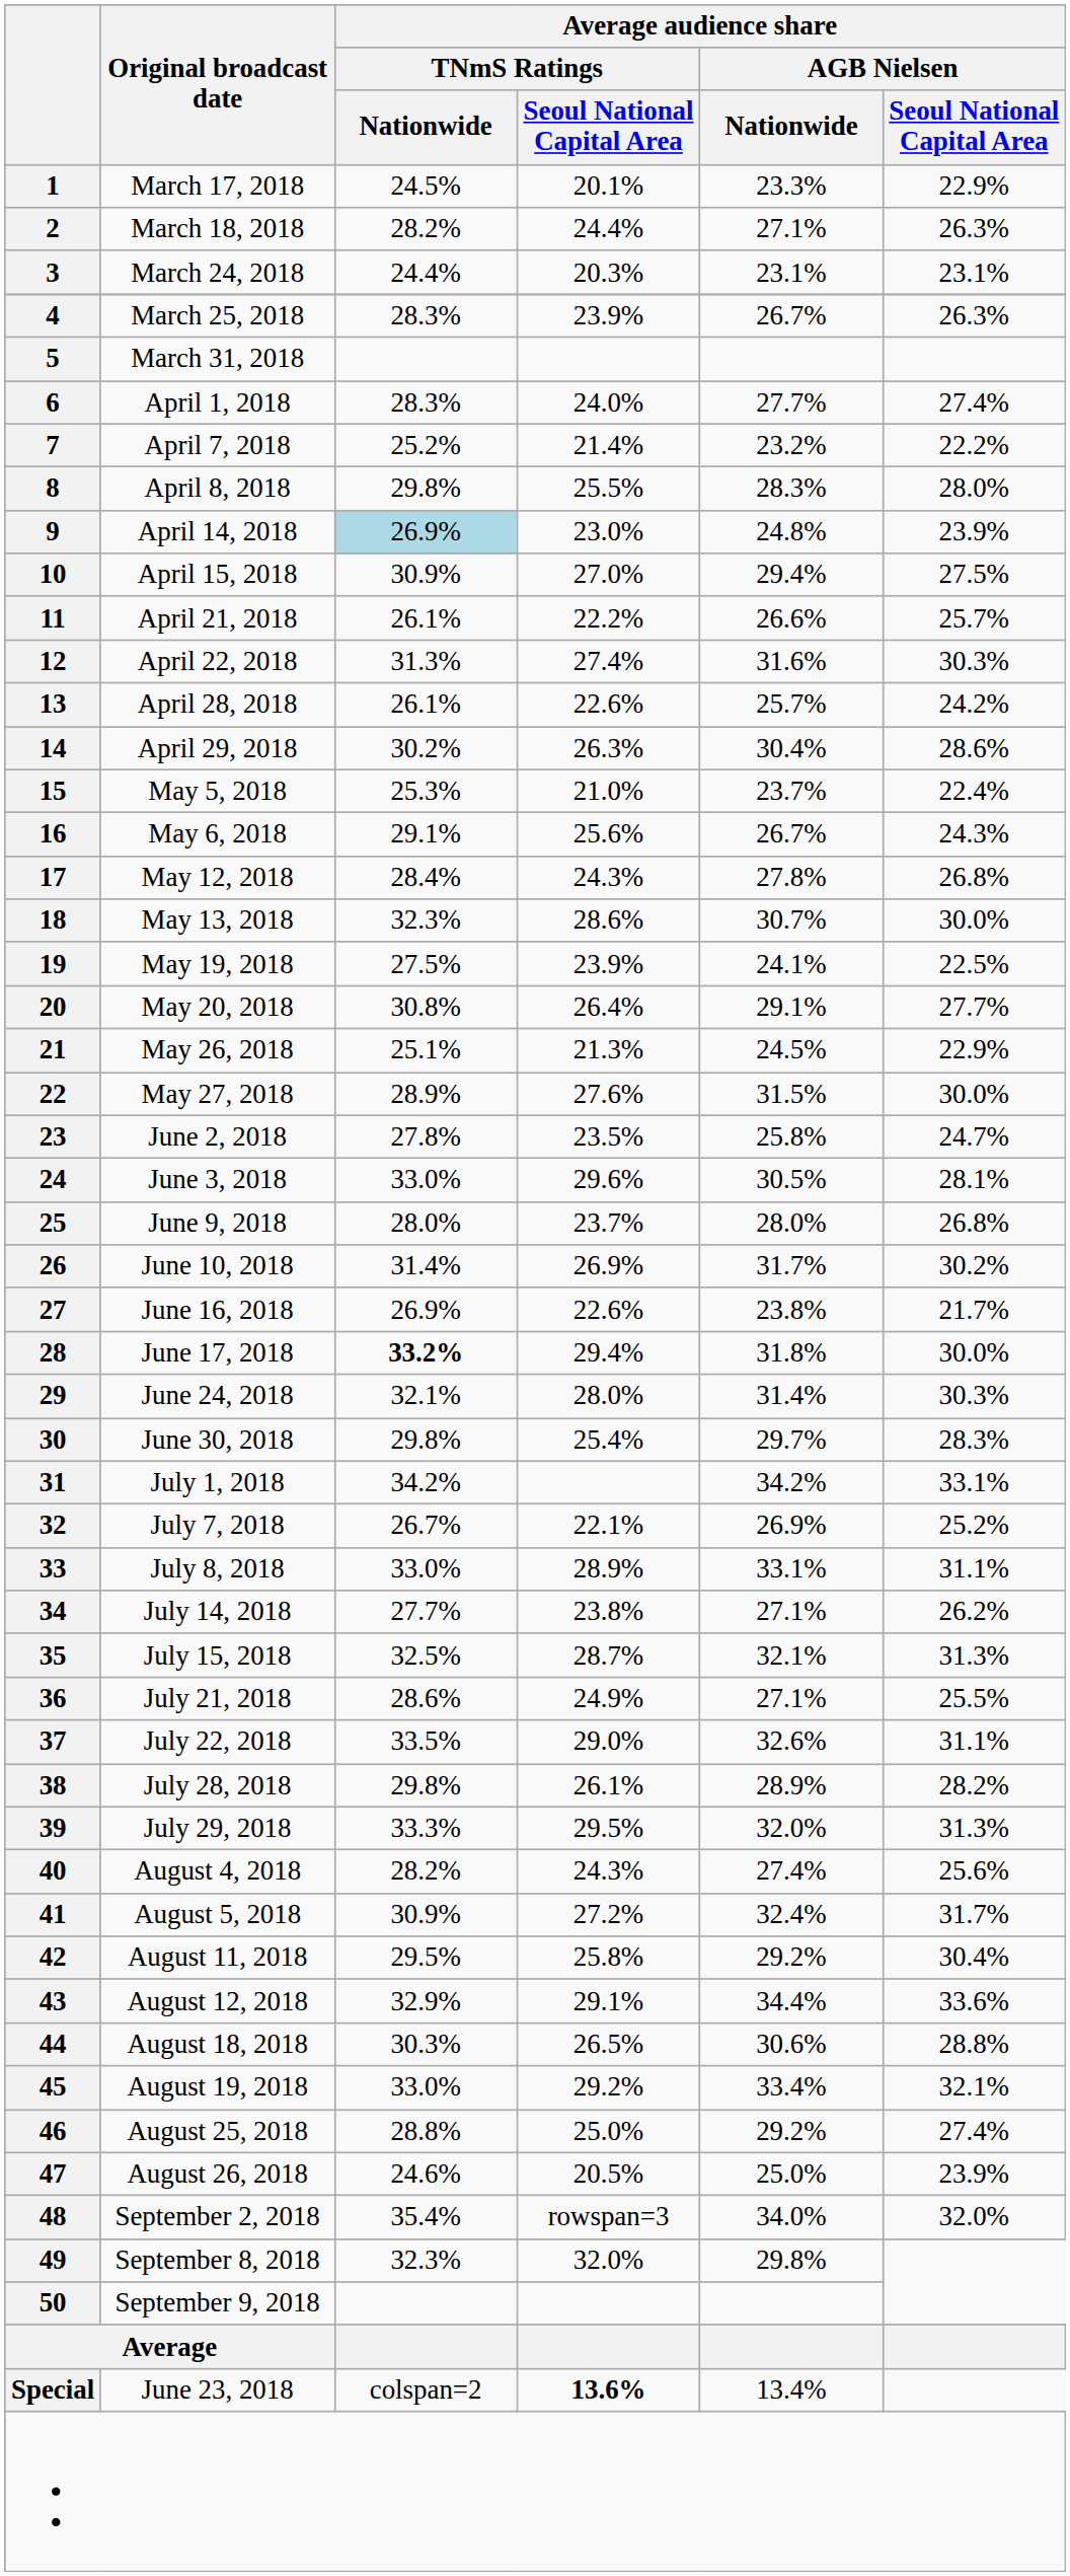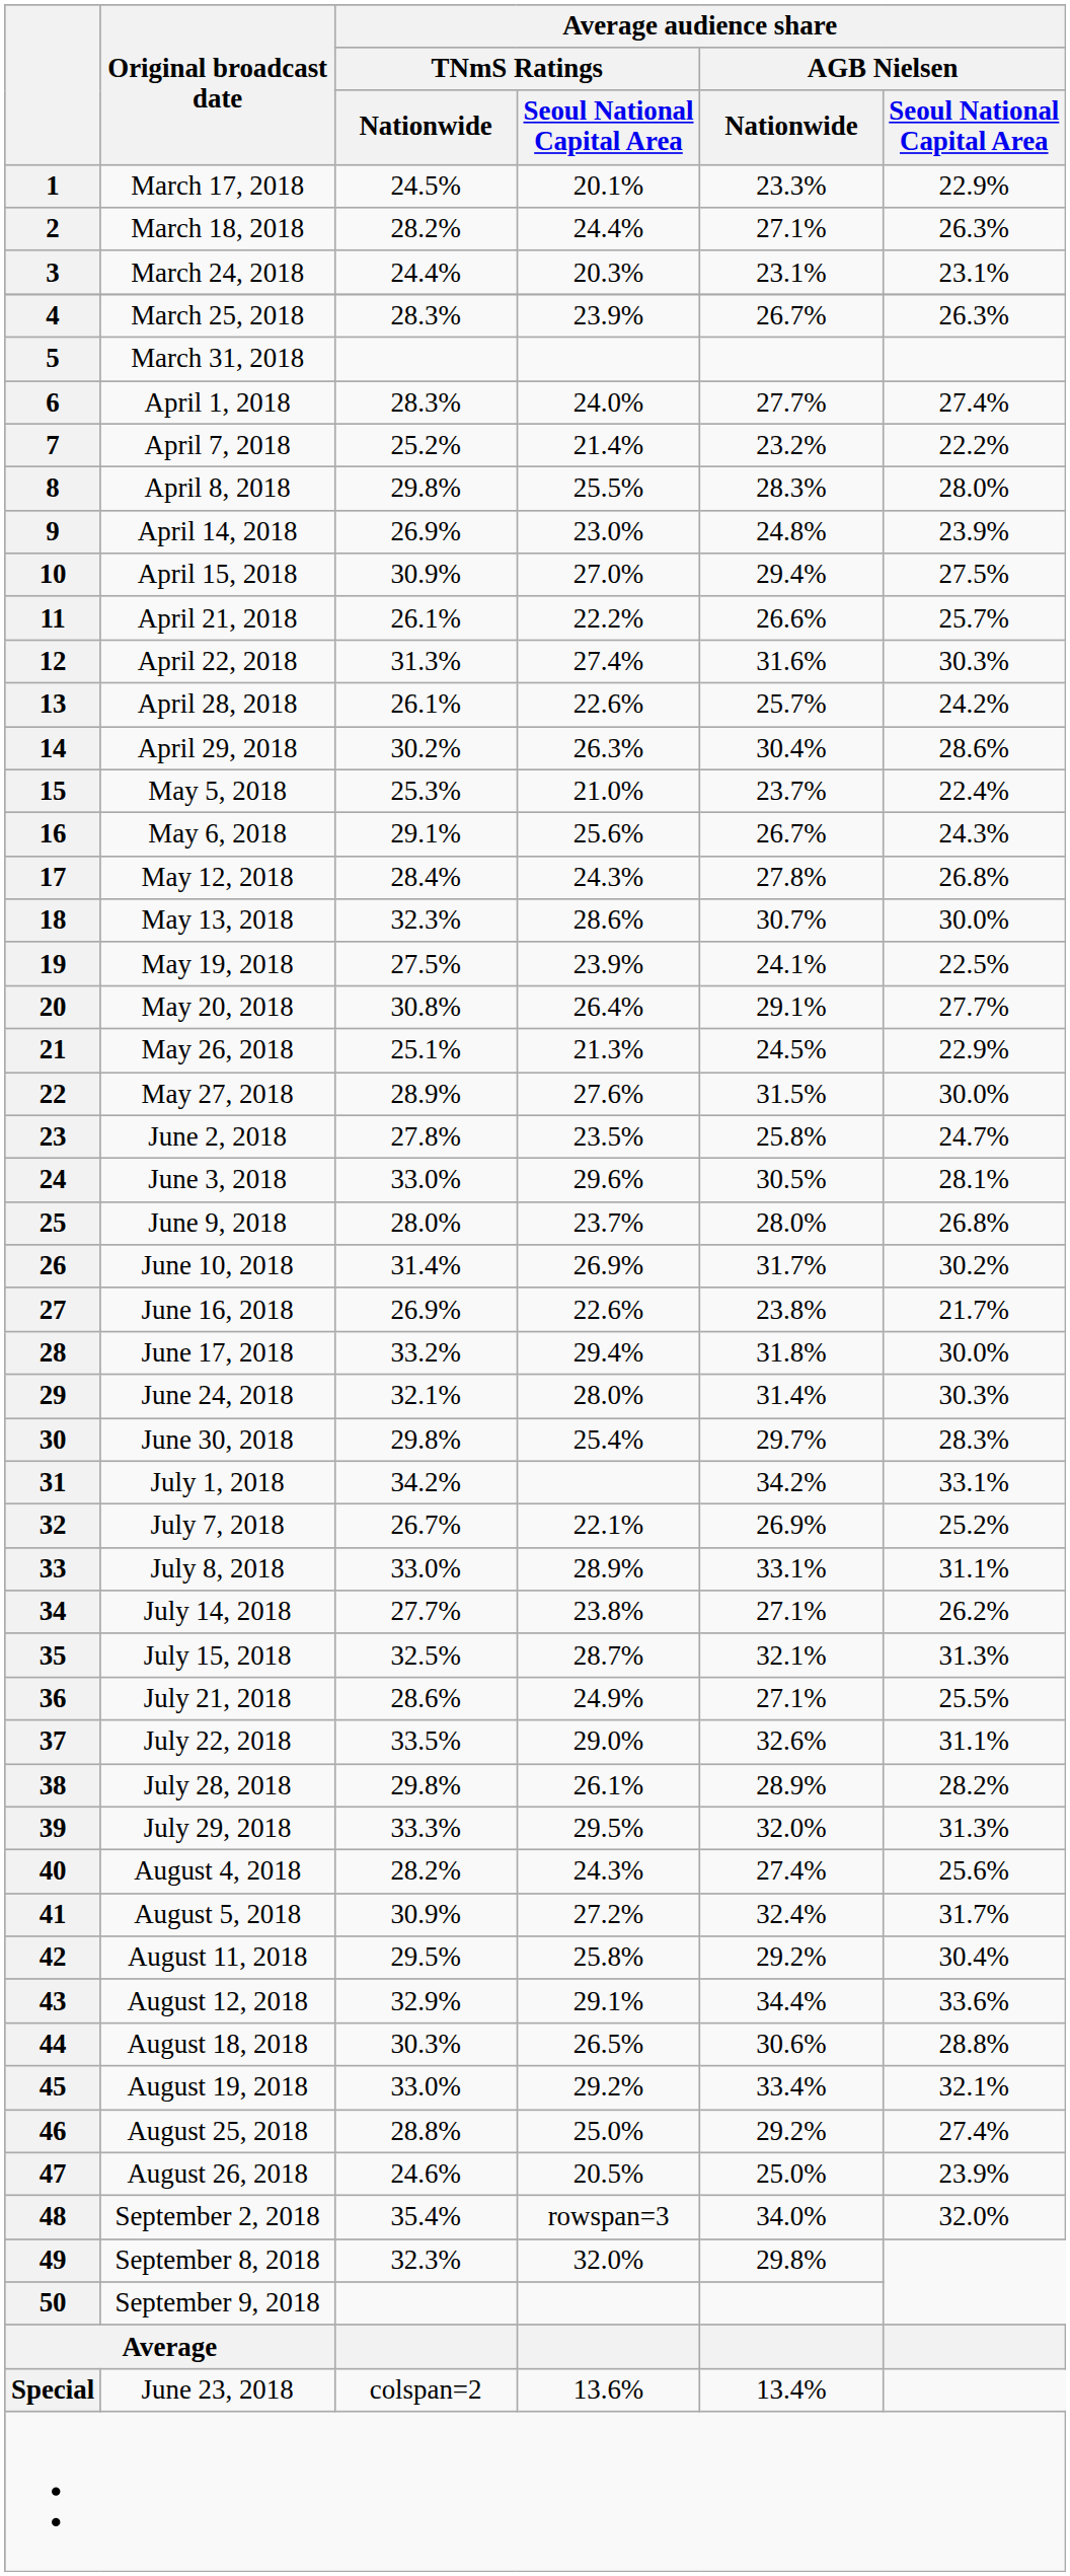 <table class="wikitable" style="text-align:center; margin-left: auto; margin-right: auto; border: none;">
 <tr>
 </tr>
 <tr>
 <th rowspan="3"></th>
 <th rowspan="3">Original broadcast date</th>
 <th colspan="4">Average audience share</th>
 </tr>
 <tr>
 <th colspan="2">TNmS Ratings</th>
 <th colspan="5">AGB Nielsen</th>
 </tr>
 <tr>
 <th width=100>Nationwide</th>
 <th width=100><a href='#'>Seoul National Capital Area</a></th>
 <th width=100>Nationwide</th>
 <th width=100><a href='#'>Seoul National Capital Area</a></th>
 </tr>
 <tr>
 <th>1</th>
 <td>March 17, 2018</td>
 <td>24.5% </td>
 <td>20.1%</td>
 <td>23.3% </td>
 <td>22.9% </td>
 </tr>
 <tr>
 <th>2</th>
 <td>March 18, 2018</td>
 <td>28.2% </td>
 <td>24.4%</td>
 <td>27.1% </td>
 <td>26.3% </td>
 </tr>
 <tr>
 <th>3</th>
 <td>March 24, 2018</td>
 <td>24.4% </td>
 <td>20.3%</td>
 <td>23.1% </td>
 <td>23.1% </td>
 </tr>
 <tr>
 </tr>
 <tr>
 <th>4</th>
 <td>March 25, 2018</td>
 <td>28.3% </td>
 <td>23.9%</td>
 <td>26.7% </td>
 <td>26.3% </td>
 </tr>
 <tr>
 <th>5</th>
 <td>March 31, 2018</td>
 <td> </td>
 <td></td>
 <td> </td>
 <td> </td>
 </tr>
 <tr>
 <th>6</th>
 <td>April 1, 2018</td>
 <td>28.3% </td>
 <td>24.0%</td>
 <td>27.7% </td>
 <td>27.4% </td>
 </tr>
 <tr>
 <th>7</th>
 <td>April 7, 2018</td>
 <td>25.2% </td>
 <td>21.4%</td>
 <td>23.2% </td>
 <td>22.2% </td>
 </tr>
 <tr>
 <th>8</th>
 <td>April 8, 2018</td>
 <td>29.8% </td>
 <td>25.5%</td>
 <td>28.3% </td>
 <td>28.0% </td>
 </tr>
 <tr>
 <th>9</th>
 <td>April 14, 2018</td>
-<td style="background: lightblue;">26.9% </td>
+<td>26.9% </td>
 <td>23.0%</td>
 <td>24.8% </td>
 <td>23.9% </td>
 </tr>
 <tr>
 <th>10</th>
 <td>April 15, 2018</td>
 <td>30.9% </td>
 <td>27.0%</td>
 <td>29.4% </td>
 <td>27.5% </td>
 </tr>
 <tr>
 <th>11</th>
 <td>April 21, 2018</td>
 <td>26.1% </td>
 <td>22.2%</td>
 <td>26.6% </td>
 <td>25.7% </td>
 </tr>
 <tr>
 <th>12</th>
 <td>April 22, 2018</td>
 <td>31.3% </td>
 <td>27.4%</td>
 <td>31.6% </td>
 <td>30.3% </td>
 </tr>
 <tr>
 <th>13</th>
 <td>April 28, 2018</td>
 <td>26.1% </td>
 <td>22.6%</td>
 <td>25.7% </td>
 <td>24.2% </td>
 </tr>
 <tr>
 <th>14</th>
 <td>April 29, 2018</td>
 <td>30.2% </td>
 <td>26.3%</td>
 <td>30.4% </td>
 <td>28.6% </td>
 </tr>
 <tr>
 <th>15</th>
 <td>May 5, 2018</td>
 <td>25.3% </td>
 <td>21.0%</td>
 <td>23.7% </td>
 <td>22.4% </td>
 </tr>
 <tr>
 <th>16</th>
 <td>May 6, 2018</td>
 <td>29.1% </td>
 <td>25.6%</td>
 <td>26.7% </td>
 <td>24.3% </td>
 </tr>
 <tr>
 <th>17</th>
 <td>May 12, 2018</td>
 <td>28.4% </td>
 <td>24.3%</td>
 <td>27.8% </td>
 <td>26.8% </td>
 </tr>
 <tr>
 <th>18</th>
 <td>May 13, 2018</td>
 <td>32.3% </td>
 <td>28.6%</td>
 <td>30.7% </td>
 <td>30.0% </td>
 </tr>
 <tr>
 <th>19</th>
 <td>May 19, 2018</td>
 <td>27.5% </td>
 <td>23.9%</td>
 <td>24.1% </td>
 <td>22.5% </td>
 </tr>
 <tr>
 <th>20</th>
 <td>May 20, 2018</td>
 <td>30.8% </td>
 <td>26.4%</td>
 <td>29.1% </td>
 <td>27.7% </td>
 </tr>
 <tr>
 <th>21</th>
 <td>May 26, 2018</td>
 <td>25.1% </td>
 <td>21.3%</td>
 <td>24.5% </td>
 <td>22.9% </td>
 </tr>
 <tr>
 <th>22</th>
 <td>May 27, 2018</td>
 <td>28.9% </td>
 <td>27.6%</td>
 <td>31.5% </td>
 <td>30.0% </td>
 </tr>
 <tr>
 <th>23</th>
 <td>June 2, 2018</td>
 <td>27.8% </td>
 <td>23.5%</td>
 <td>25.8% </td>
 <td>24.7% </td>
 </tr>
 <tr>
 <th>24</th>
 <td>June 3, 2018</td>
 <td>33.0% </td>
 <td>29.6%</td>
 <td>30.5% </td>
 <td>28.1% </td>
 </tr>
 <tr>
 <th>25</th>
 <td>June 9, 2018</td>
 <td>28.0% </td>
 <td>23.7%</td>
 <td>28.0% </td>
 <td>26.8% </td>
 </tr>
 <tr>
 <th>26</th>
 <td>June 10, 2018</td>
 <td>31.4% </td>
 <td>26.9%</td>
 <td>31.7% </td>
 <td>30.2% </td>
 </tr>
 <tr>
 <th>27</th>
 <td>June 16, 2018</td>
 <td>26.9% </td>
 <td>22.6%</td>
 <td>23.8% </td>
 <td>21.7% </td>
 </tr>
 <tr>
 <th>28</th>
 <td>June 17, 2018</td>
-<td><strong>33.2% </strong></td>
+<td>33.2% </td>
 <td>29.4%</td>
 <td>31.8% </td>
 <td>30.0% </td>
 </tr>
 <tr>
 <th>29</th>
 <td>June 24, 2018</td>
 <td>32.1% </td>
 <td>28.0%</td>
 <td>31.4% </td>
 <td>30.3% </td>
 </tr>
 <tr>
 <th>30</th>
 <td>June 30, 2018</td>
 <td>29.8% </td>
 <td>25.4%</td>
 <td>29.7% </td>
 <td>28.3% </td>
 </tr>
 <tr>
 <th>31</th>
 <td>July 1, 2018</td>
 <td>34.2% </td>
 <td></td>
 <td>34.2% </td>
 <td>33.1% </td>
 </tr>
 <tr>
 <th>32</th>
 <td>July 7, 2018</td>
 <td>26.7% </td>
 <td>22.1%</td>
 <td>26.9% </td>
 <td>25.2% </td>
 </tr>
 <tr>
 <th>33</th>
 <td>July 8, 2018</td>
 <td>33.0% </td>
 <td>28.9%</td>
 <td>33.1% </td>
 <td>31.1% </td>
 </tr>
 <tr>
 <th>34</th>
 <td>July 14, 2018</td>
 <td>27.7% </td>
 <td>23.8%</td>
 <td>27.1% </td>
 <td>26.2% </td>
 </tr>
 <tr>
 <th>35</th>
 <td>July 15, 2018</td>
 <td>32.5% </td>
 <td>28.7%</td>
 <td>32.1% </td>
 <td>31.3% </td>
 </tr>
 <tr>
 <th>36</th>
 <td>July 21, 2018</td>
 <td>28.6% </td>
 <td>24.9%</td>
 <td>27.1% </td>
 <td>25.5% </td>
 </tr>
 <tr>
 <th>37</th>
 <td>July 22, 2018</td>
 <td>33.5% </td>
 <td>29.0%</td>
 <td>32.6% </td>
 <td>31.1% </td>
 </tr>
 <tr>
 <th>38</th>
 <td>July 28, 2018</td>
 <td>29.8% </td>
 <td>26.1%</td>
 <td>28.9% </td>
 <td>28.2% </td>
 </tr>
 <tr>
 <th>39</th>
 <td>July 29, 2018</td>
 <td>33.3% </td>
 <td>29.5%</td>
 <td>32.0% </td>
 <td>31.3% </td>
 </tr>
 <tr>
 <th>40</th>
 <td>August 4, 2018</td>
 <td>28.2% </td>
 <td>24.3%</td>
 <td>27.4% </td>
 <td>25.6% </td>
 </tr>
 <tr>
 <th>41</th>
 <td>August 5, 2018</td>
 <td>30.9% </td>
 <td>27.2%</td>
 <td>32.4% </td>
 <td>31.7% </td>
 </tr>
 <tr>
 <th>42</th>
 <td>August 11, 2018</td>
 <td>29.5% </td>
 <td>25.8%</td>
 <td>29.2% </td>
 <td>30.4% </td>
 </tr>
 <tr>
 <th>43</th>
 <td>August 12, 2018</td>
 <td>32.9% </td>
 <td>29.1%</td>
 <td>34.4% </td>
 <td>33.6% </td>
 </tr>
 <tr>
 <th>44</th>
 <td>August 18, 2018</td>
 <td>30.3% </td>
 <td>26.5%</td>
 <td>30.6% </td>
 <td>28.8% </td>
 </tr>
 <tr>
 <th>45</th>
 <td>August 19, 2018</td>
 <td>33.0% </td>
 <td>29.2%</td>
 <td>33.4% </td>
 <td>32.1% </td>
 </tr>
 <tr>
 <th>46</th>
 <td>August 25, 2018</td>
 <td>28.8% </td>
 <td>25.0%</td>
 <td>29.2% </td>
 <td>27.4% </td>
 </tr>
 <tr>
 <th>47</th>
 <td>August 26, 2018</td>
 <td>24.6% </td>
 <td>20.5%</td>
 <td>25.0% </td>
 <td>23.9% </td>
 </tr>
 <tr>
 <th>48</th>
 <td>September 2, 2018</td>
 <td>35.4% </td>
 <td>rowspan=3 </td>
 <td>34.0% </td>
 <td>32.0% </td>
 </tr>
 <tr>
 <th>49</th>
 <td>September 8, 2018</td>
 <td>32.3% </td>
 <td>32.0% </td>
 <td>29.8% </td>
 </tr>
 <tr>
 <th>50</th>
 <td>September 9, 2018</td>
 <td> </td>
 <td> </td>
 <td> </td>
 </tr>
 <tr>
 <th colspan="2">Average</th>
 <th></th>
 <th></th>
 <th></th>
 <th></th>
 </tr>
 <tr>
 <th>Special</th>
 <td>June 23, 2018</td>
 <td>colspan=2 </td>
-<td><strong>13.6% </strong></td>
+<td>13.6% </td>
 <td>13.4% </td>
 </tr>
 <tr>
 <td colspan="6"><br><ul><li></li><li></li></ul></td>
 </tr>
 </table>
